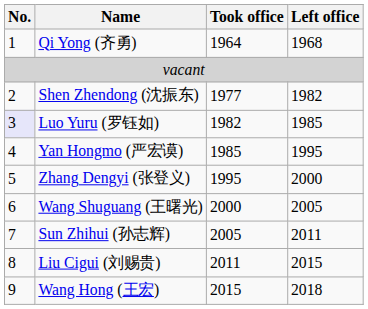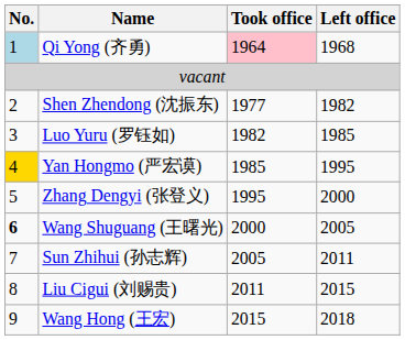 <table class="wikitable">
 <tr>
 <th>No.</th>
 <th>Name</th>
 <th>Took office</th>
 <th>Left office</th>
 </tr>
 <tr>
-<td>1</td>
+<td style="background: lightblue;">1</td>
 <td><a href='#'>Qi Yong</a> (齐勇)</td>
-<td>1964</td>
+<td style="background: pink;">1964</td>
 <td>1968</td>
 </tr>
 <tr>
 <td colspan="4" align="center" bgcolor="lightgrey"><em>vacant</em></td>
 </tr>
 <tr>
 <td>2</td>
 <td><a href='#'>Shen Zhendong</a> (沈振东)</td>
 <td>1977</td>
 <td>1982</td>
 </tr>
 <tr>
-<td style="background: lavender;">3</td>
+<td>3</td>
 <td><a href='#'>Luo Yuru</a> (罗钰如)</td>
 <td>1982</td>
 <td>1985</td>
 </tr>
 <tr>
-<td>4</td>
+<td style="background: gold;">4</td>
 <td><a href='#'>Yan Hongmo</a> (严宏谟)</td>
 <td>1985</td>
 <td>1995</td>
 </tr>
 <tr>
 <td>5</td>
 <td><a href='#'>Zhang Dengyi</a> (张登义)</td>
 <td>1995</td>
 <td>2000</td>
 </tr>
 <tr>
-<td>6</td>
+<td><strong>6</strong></td>
 <td><a href='#'>Wang Shuguang</a> (王曙光)</td>
 <td>2000</td>
 <td>2005</td>
 </tr>
 <tr>
 <td>7</td>
 <td><a href='#'>Sun Zhihui</a> (孙志辉)</td>
 <td>2005</td>
 <td>2011</td>
 </tr>
 <tr>
 <td>8</td>
 <td><a href='#'>Liu Cigui</a> (刘赐贵)</td>
 <td>2011</td>
 <td>2015</td>
 </tr>
 <tr>
 <td>9</td>
 <td><a href='#'>Wang Hong</a> (<a href='#'>王宏</a>)</td>
 <td>2015</td>
 <td>2018</td>
 </tr>
 </table>
